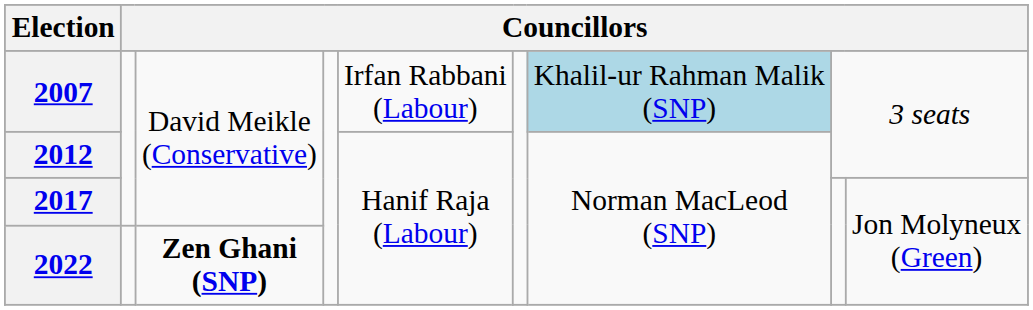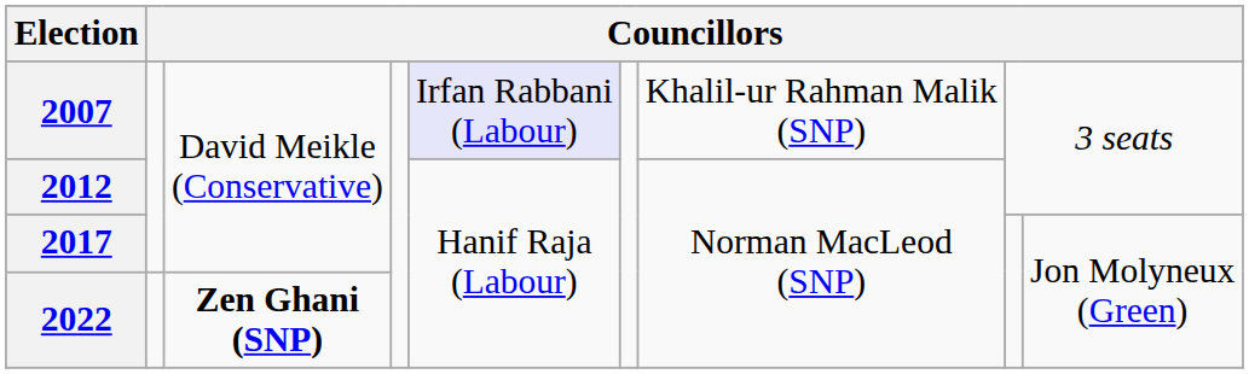 <table class="wikitable" style="text-align:center">
 <tr>
 <th>Election</th>
 <th colspan=8>Councillors</th>
 </tr>
 <tr>
 <th><a href='#'>2007</a></th>
 <td rowspan=3; style="background-color: "></td>
 <td rowspan=3>David Meikle<br>(<a href='#'>Conservative</a>)</td>
 <td rowspan=4; style="background-color: "></td>
-<td rowspan=1>Irfan Rabbani<br>(<a href='#'>Labour</a>)</td>
+<td rowspan=1 style="background: lavender;">Irfan Rabbani<br>(<a href='#'>Labour</a>)</td>
 <td rowspan=4; style="background-color: "></td>
-<td rowspan=1 style="background: lightblue;">Khalil-ur Rahman Malik<br>(<a href='#'>SNP</a>)</td>
+<td rowspan=1>Khalil-ur Rahman Malik<br>(<a href='#'>SNP</a>)</td>
 <td colspan=2 rowspan=2><em>3 seats</em></td>
 </tr>
 <tr>
 <th><a href='#'>2012</a></th>
 <td rowspan=3>Hanif Raja<br>(<a href='#'>Labour</a>)</td>
 <td rowspan=3>Norman MacLeod<br>(<a href='#'>SNP</a>)</td>
 </tr>
 <tr>
 <th><a href='#'>2017</a></th>
 <td rowspan=2; style="background-color: "></td>
 <td rowspan=2>Jon Molyneux<br>(<a href='#'>Green</a>)</td>
 </tr>
 <tr>
 <th><a href='#'>2022</a></th>
 <td rowspan=1; style="background-color: "></td>
 <td rowspan=1><strong>Zen Ghani<br>(<a href='#'>SNP</a>)</strong></td>
 </tr>
 </table>
